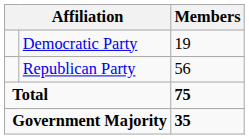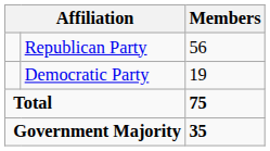 <table class="wikitable">
 <tr>
 <th colspan="2">Affiliation</th>
 <th>Members</th>
 </tr>
 <tr>
 <td style="background-color:"> </td>
-<td><a href='#'>Democratic Party</a></td>
-<td>19</td>
+<td><a href='#'>Republican Party</a></td>
+<td>56</td>
 </tr>
 <tr>
 <td style="background-color:"> </td>
-<td><a href='#'>Republican Party</a></td>
-<td>56</td>
+<td><a href='#'>Democratic Party</a></td>
+<td>19</td>
 </tr>
 <tr>
 <td colspan="2" rowspan="1"> <strong>Total</strong><br></td>
 <td><strong>75</strong></td>
 </tr>
 <tr>
 <td colspan="2" rowspan="1"> <strong>Government Majority</strong><br></td>
 <td><strong>35</strong></td>
 </tr>
 </table>
